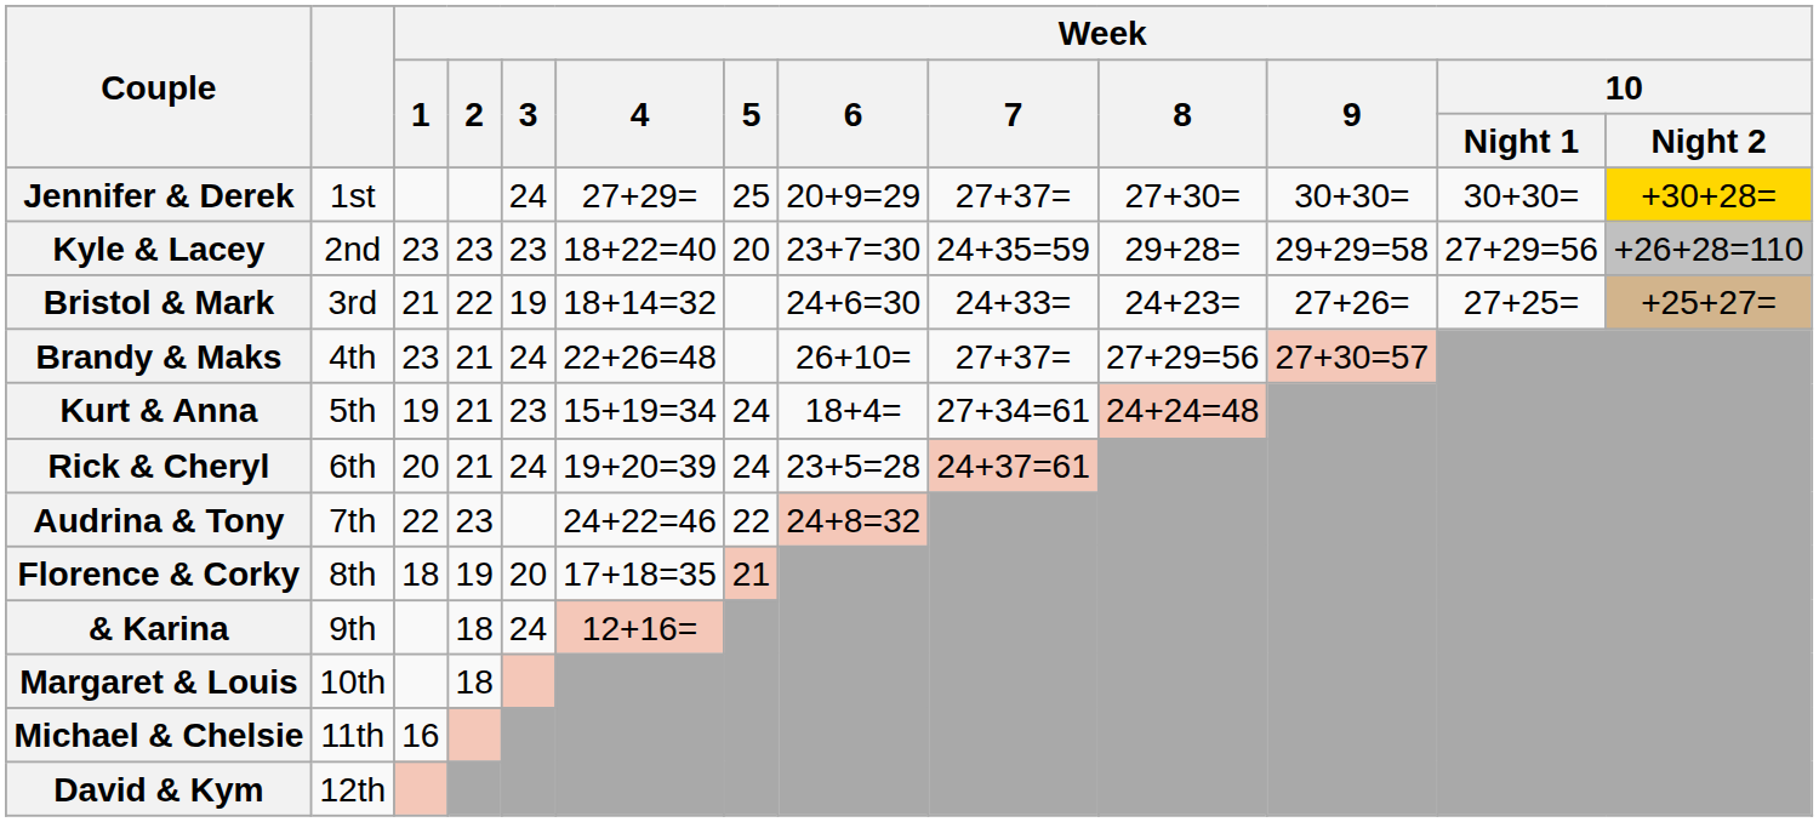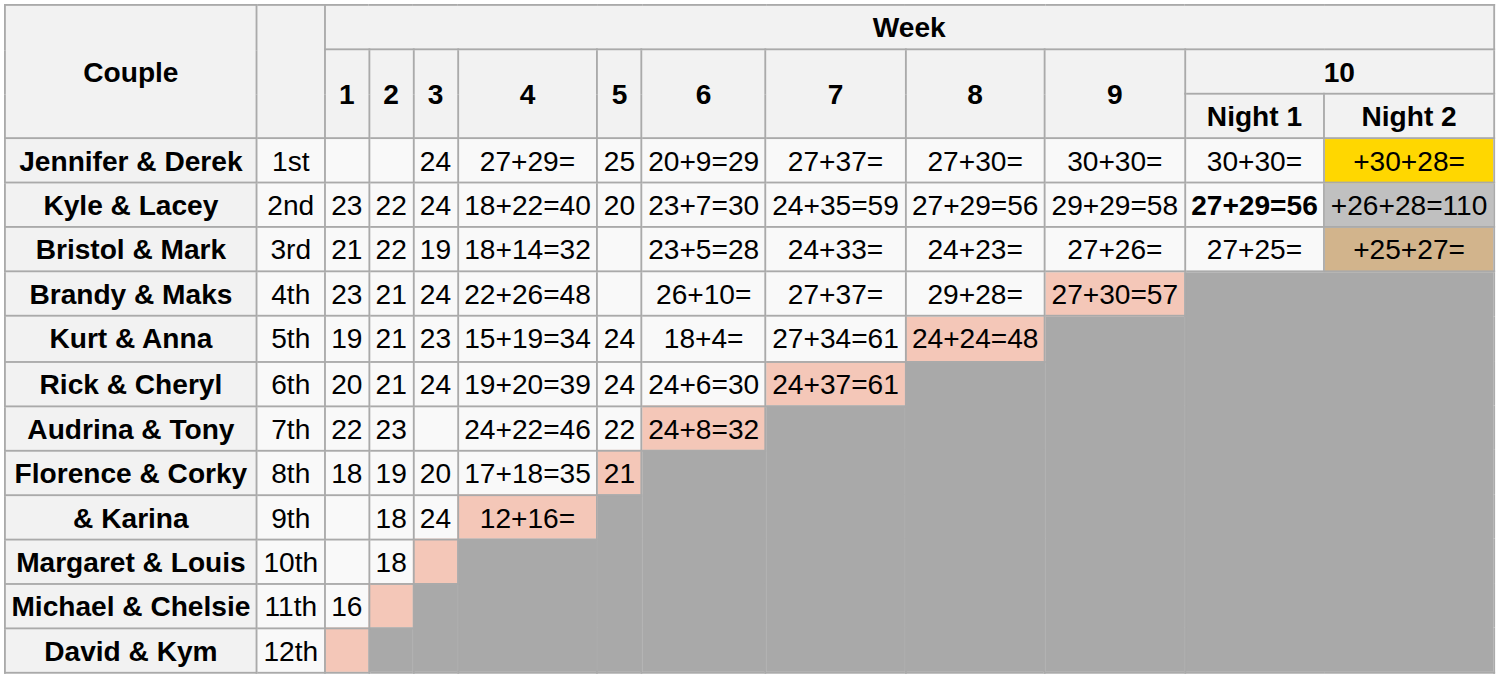 <table class="wikitable sortable" style="text-align:center; font-size:95%">
 <tr>
 <th scope="col" rowspan="3" style="text-align:center">Couple</th>
 <th scope="col" rowspan="3" style="text-align:center"></th>
 <th colspan="11" style="text-align:center ">Week</th>
 </tr>
 <tr>
 <th rowspan="2" scope="col">1</th>
 <th rowspan="2" scope="col">2</th>
 <th rowspan="2" scope="col">3</th>
 <th rowspan="2" scope="col" style="font-weight:normal"><strong>4</strong></th>
 <th rowspan="2" scope="col">5</th>
 <th rowspan="2" scope="col">6</th>
 <th rowspan="2" scope="col">7</th>
 <th rowspan="2" scope="col">8</th>
 <th rowspan="2" scope="col">9</th>
 <th colspan="2" scope="col">10</th>
 </tr>
 <tr>
 <th>Night 1</th>
 <th>Night 2</th>
 </tr>
 <tr>
 <th scope="row">Jennifer & Derek</th>
 <td>1st</td>
 <td></td>
 <td></td>
 <td>24</td>
 <td>27+29=</td>
 <td>25</td>
 <td>20+9=29</td>
 <td>27+37=</td>
 <td>27+30=</td>
 <td>30+30=</td>
 <td>30+30=</td>
 <td bgcolor="gold" >+30+28=</td>
 </tr>
 <tr>
 <th scope="row">Kyle & Lacey</th>
 <td>2nd</td>
 <td>23</td>
-<td>23</td>
-<td>23</td>
+<td>22</td>
+<td>24</td>
 <td>18+22=40</td>
 <td>20</td>
 <td>23+7=30</td>
 <td>24+35=59</td>
-<td>29+28=</td>
+<td>27+29=56</td>
 <td>29+29=58</td>
-<td>27+29=56</td>
+<td><strong>27+29=56</strong></td>
 <td bgcolor="silver" >+26+28=110</td>
 </tr>
 <tr>
 <th scope="row">Bristol & Mark</th>
 <td>3rd</td>
 <td>21</td>
 <td>22</td>
 <td>19</td>
 <td>18+14=32</td>
 <td></td>
-<td>24+6=30</td>
+<td>23+5=28</td>
 <td>24+33=</td>
 <td>24+23=</td>
 <td>27+26=</td>
 <td>27+25=</td>
 <td bgcolor="tan" >+25+27=</td>
 </tr>
 <tr>
 <th scope="row">Brandy & Maks</th>
 <td>4th</td>
 <td>23</td>
 <td>21</td>
 <td>24</td>
 <td>22+26=48</td>
 <td></td>
 <td>26+10=</td>
 <td>27+37=</td>
-<td>27+29=56</td>
+<td>29+28=</td>
 <td bgcolor="f4c7b8" >27+30=57</td>
 <td colspan="2" rowspan="9" style="background:darkgray;"></td>
 </tr>
 <tr>
 <th scope="row">Kurt & Anna</th>
 <td>5th</td>
 <td>19</td>
 <td>21</td>
 <td>23</td>
 <td>15+19=34</td>
 <td>24</td>
 <td>18+4=</td>
 <td>27+34=61</td>
 <td bgcolor="f4c7b8" >24+24=48</td>
 <td rowspan="8" style="background:darkgray;"></td>
 </tr>
 <tr>
 <th scope="row">Rick & Cheryl</th>
 <td>6th</td>
 <td>20</td>
 <td>21</td>
 <td>24</td>
 <td>19+20=39</td>
 <td>24</td>
-<td>23+5=28</td>
+<td>24+6=30</td>
 <td bgcolor="f4c7b8" >24+37=61</td>
 <td rowspan="7" style="background:darkgray;"></td>
 </tr>
 <tr>
 <th scope="row">Audrina & Tony</th>
 <td>7th</td>
 <td>22</td>
 <td>23</td>
 <td></td>
 <td>24+22=46</td>
 <td>22</td>
 <td bgcolor="f4c7b8" >24+8=32</td>
 <td rowspan="6" style="background:darkgray;"></td>
 </tr>
 <tr>
 <th scope="row">Florence & Corky</th>
 <td>8th</td>
 <td>18</td>
 <td>19</td>
 <td>20</td>
 <td>17+18=35</td>
 <td bgcolor="f4c7b8">21</td>
 <td rowspan="5" style="background:darkgray;"></td>
 </tr>
 <tr>
 <th scope="row"> & Karina</th>
 <td>9th</td>
 <td></td>
 <td>18</td>
 <td>24</td>
 <td bgcolor="f4c7b8" >12+16=</td>
 <td rowspan="4" style="background:darkgray;"></td>
 </tr>
 <tr>
 <th scope="row">Margaret & Louis</th>
 <td>10th</td>
 <td></td>
 <td>18</td>
 <td bgcolor="f4c7b8"></td>
 <td rowspan="3" style="background:darkgray;"></td>
 </tr>
 <tr>
 <th scope="row">Michael & Chelsie</th>
 <td>11th</td>
 <td>16</td>
 <td bgcolor="f4c7b8"></td>
 <td rowspan="2" style="background:darkgray;"></td>
 </tr>
 <tr>
 <th scope="row">David & Kym</th>
 <td>12th</td>
 <td bgcolor="f4c7b8"></td>
 <td style="background:darkgray;"></td>
 </tr>
 </table>
